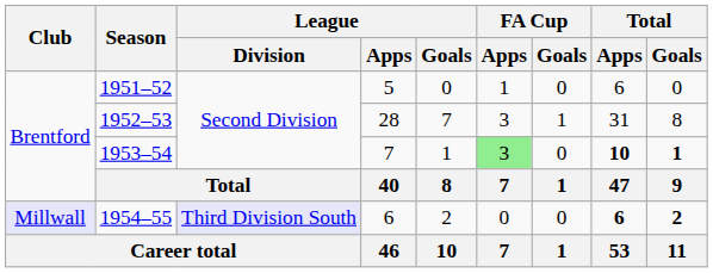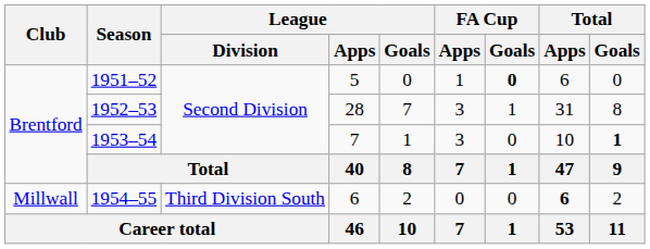 <table class="wikitable" style="text-align: center;">
 <tr>
 <th rowspan="2">Club</th>
 <th rowspan="2">Season</th>
 <th colspan="3">League</th>
 <th colspan="2">FA Cup</th>
 <th colspan="2">Total</th>
 </tr>
 <tr>
 <th>Division</th>
 <th>Apps</th>
 <th>Goals</th>
 <th>Apps</th>
 <th>Goals</th>
 <th>Apps</th>
 <th>Goals</th>
 </tr>
 <tr>
 <td rowspan="4"><a href='#'>Brentford</a></td>
 <td><a href='#'>1951–52</a></td>
 <td rowspan="3"><a href='#'>Second Division</a></td>
 <td>5</td>
 <td>0</td>
 <td>1</td>
-<td>0</td>
+<td><strong>0</strong></td>
 <td>6</td>
 <td>0</td>
 </tr>
 <tr>
 <td><a href='#'>1952–53</a></td>
 <td>28</td>
 <td>7</td>
 <td>3</td>
 <td>1</td>
 <td>31</td>
 <td>8</td>
 </tr>
 <tr>
 <td><a href='#'>1953–54</a></td>
 <td>7</td>
 <td>1</td>
-<td style="background: lightgreen;">3</td>
+<td>3</td>
 <td>0</td>
-<td><strong>10</strong></td>
+<td>10</td>
 <td><strong>1</strong></td>
 </tr>
 <tr>
 <th colspan="2">Total</th>
 <th>40</th>
 <th>8</th>
 <th>7</th>
 <th>1</th>
 <th>47</th>
 <th>9</th>
 </tr>
 <tr>
-<td style="background: lavender;"><a href='#'>Millwall</a></td>
+<td><a href='#'>Millwall</a></td>
 <td><a href='#'>1954–55</a></td>
-<td style="background: lavender;"><a href='#'>Third Division South</a></td>
+<td><a href='#'>Third Division South</a></td>
 <td>6</td>
 <td>2</td>
 <td>0</td>
 <td>0</td>
 <td><strong>6</strong></td>
-<td><strong>2</strong></td>
+<td>2</td>
 </tr>
 <tr>
 <th colspan="3">Career total</th>
 <th>46</th>
 <th>10</th>
 <th>7</th>
 <th>1</th>
 <th>53</th>
 <th>11</th>
 </tr>
 </table>
